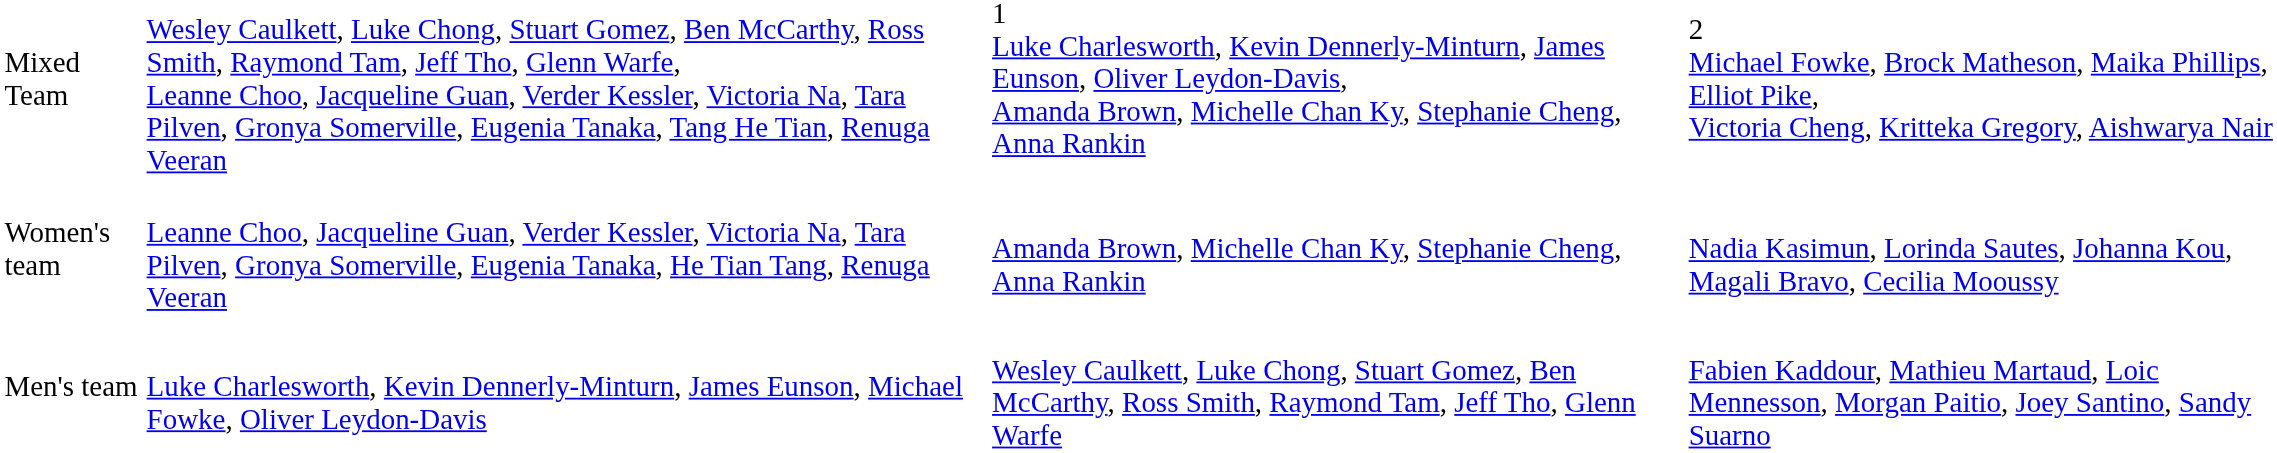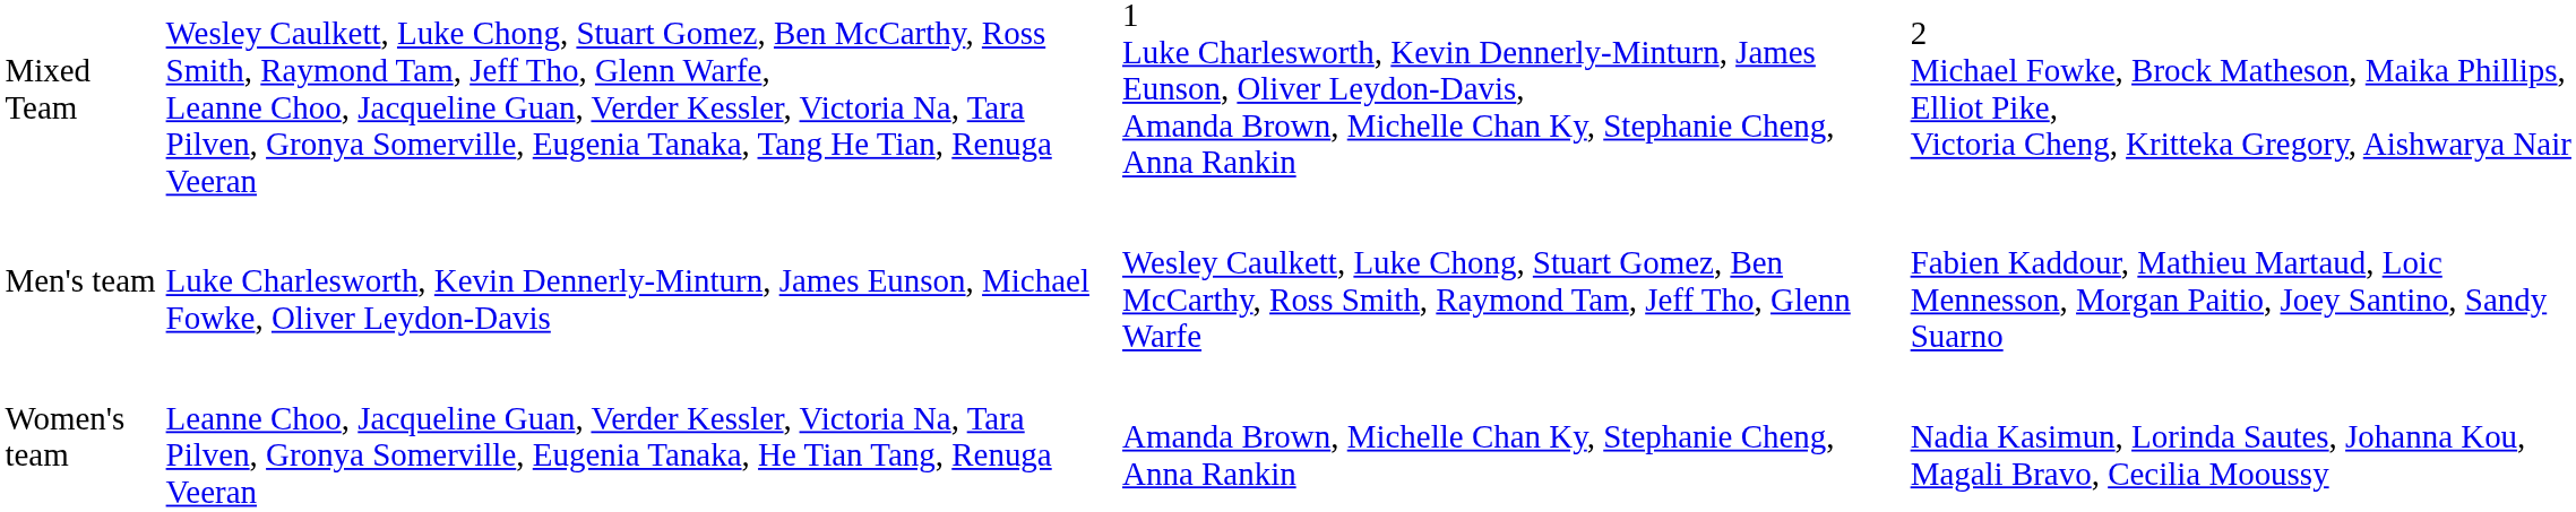 <table>
 <tr>
 <td>Mixed Team</td>
 <td><br><a href='#'>Wesley Caulkett</a>, <a href='#'>Luke Chong</a>, <a href='#'>Stuart Gomez</a>, <a href='#'>Ben McCarthy</a>, <a href='#'>Ross Smith</a>, <a href='#'>Raymond Tam</a>, <a href='#'>Jeff Tho</a>, <a href='#'>Glenn Warfe</a>,<br><a href='#'>Leanne Choo</a>, <a href='#'>Jacqueline Guan</a>, <a href='#'>Verder Kessler</a>, <a href='#'>Victoria Na</a>, <a href='#'>Tara Pilven</a>, <a href='#'>Gronya Somerville</a>, <a href='#'>Eugenia Tanaka</a>, <a href='#'>Tang He Tian</a>, <a href='#'>Renuga Veeran</a></td>
 <td> 1<br><a href='#'>Luke Charlesworth</a>, <a href='#'>Kevin Dennerly-Minturn</a>, <a href='#'>James Eunson</a>, <a href='#'>Oliver Leydon-Davis</a>,<br><a href='#'>Amanda Brown</a>, <a href='#'>Michelle Chan Ky</a>, <a href='#'>Stephanie Cheng</a>, <a href='#'>Anna Rankin</a></td>
 <td> 2<br><a href='#'>Michael Fowke</a>, <a href='#'>Brock Matheson</a>, <a href='#'>Maika Phillips</a>, <a href='#'>Elliot Pike</a>,<br><a href='#'>Victoria Cheng</a>, <a href='#'>Kritteka Gregory</a>, <a href='#'>Aishwarya Nair</a></td>
 </tr>
 <tr>
+<td>Men's team</td>
+<td><br><a href='#'>Luke Charlesworth</a>, <a href='#'>Kevin Dennerly-Minturn</a>, <a href='#'>James Eunson</a>, <a href='#'>Michael Fowke</a>, <a href='#'>Oliver Leydon-Davis</a></td>
+<td><br><a href='#'>Wesley Caulkett</a>, <a href='#'>Luke Chong</a>, <a href='#'>Stuart Gomez</a>, <a href='#'>Ben McCarthy</a>, <a href='#'>Ross Smith</a>, <a href='#'>Raymond Tam</a>, <a href='#'>Jeff Tho</a>, <a href='#'>Glenn Warfe</a></td>
+<td><br><a href='#'>Fabien Kaddour</a>, <a href='#'>Mathieu Martaud</a>, <a href='#'>Loic Mennesson</a>, <a href='#'>Morgan Paitio</a>, <a href='#'>Joey Santino</a>, <a href='#'>Sandy Suarno</a></td>
+</tr>
+<tr>
 <td>Women's team</td>
 <td><br><a href='#'>Leanne Choo</a>, <a href='#'>Jacqueline Guan</a>, <a href='#'>Verder Kessler</a>, <a href='#'>Victoria Na</a>, <a href='#'>Tara Pilven</a>, <a href='#'>Gronya Somerville</a>, <a href='#'>Eugenia Tanaka</a>, <a href='#'>He Tian Tang</a>, <a href='#'>Renuga Veeran</a></td>
 <td><br><a href='#'>Amanda Brown</a>, <a href='#'>Michelle Chan Ky</a>, <a href='#'>Stephanie Cheng</a>, <a href='#'>Anna Rankin</a></td>
 <td><br><a href='#'>Nadia Kasimun</a>, <a href='#'>Lorinda Sautes</a>, <a href='#'>Johanna Kou</a>, <a href='#'>Magali Bravo</a>, <a href='#'>Cecilia Mooussy</a></td>
 </tr>
-<tr>
-<td>Men's team</td>
-<td><br><a href='#'>Luke Charlesworth</a>, <a href='#'>Kevin Dennerly-Minturn</a>, <a href='#'>James Eunson</a>, <a href='#'>Michael Fowke</a>, <a href='#'>Oliver Leydon-Davis</a></td>
-<td><br><a href='#'>Wesley Caulkett</a>, <a href='#'>Luke Chong</a>, <a href='#'>Stuart Gomez</a>, <a href='#'>Ben McCarthy</a>, <a href='#'>Ross Smith</a>, <a href='#'>Raymond Tam</a>, <a href='#'>Jeff Tho</a>, <a href='#'>Glenn Warfe</a></td>
-<td><br><a href='#'>Fabien Kaddour</a>, <a href='#'>Mathieu Martaud</a>, <a href='#'>Loic Mennesson</a>, <a href='#'>Morgan Paitio</a>, <a href='#'>Joey Santino</a>, <a href='#'>Sandy Suarno</a></td>
-</tr>
 </table>
